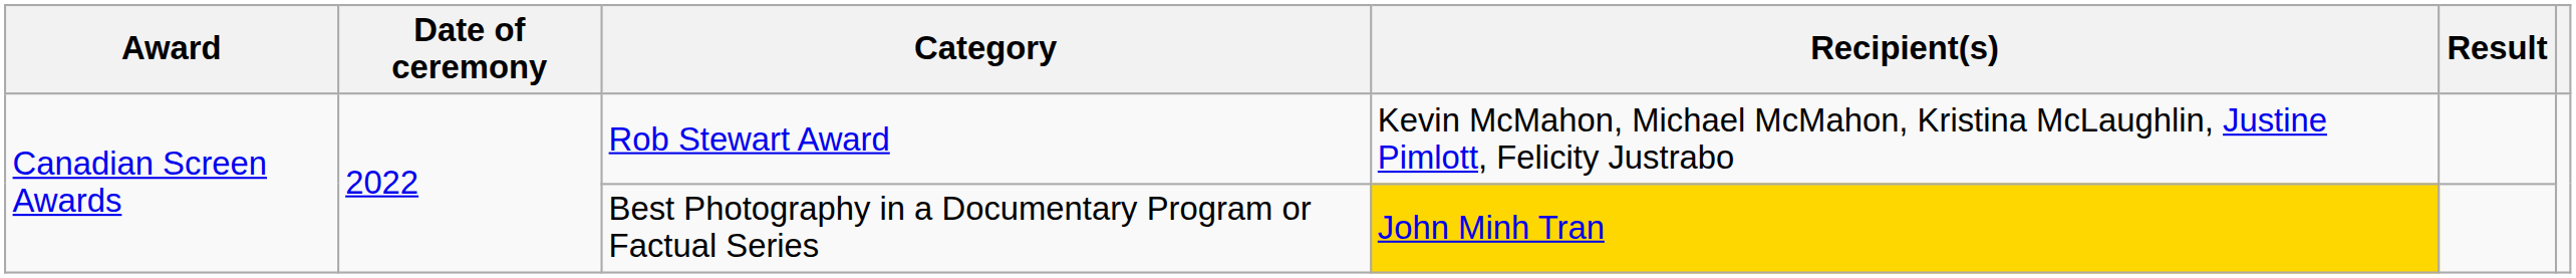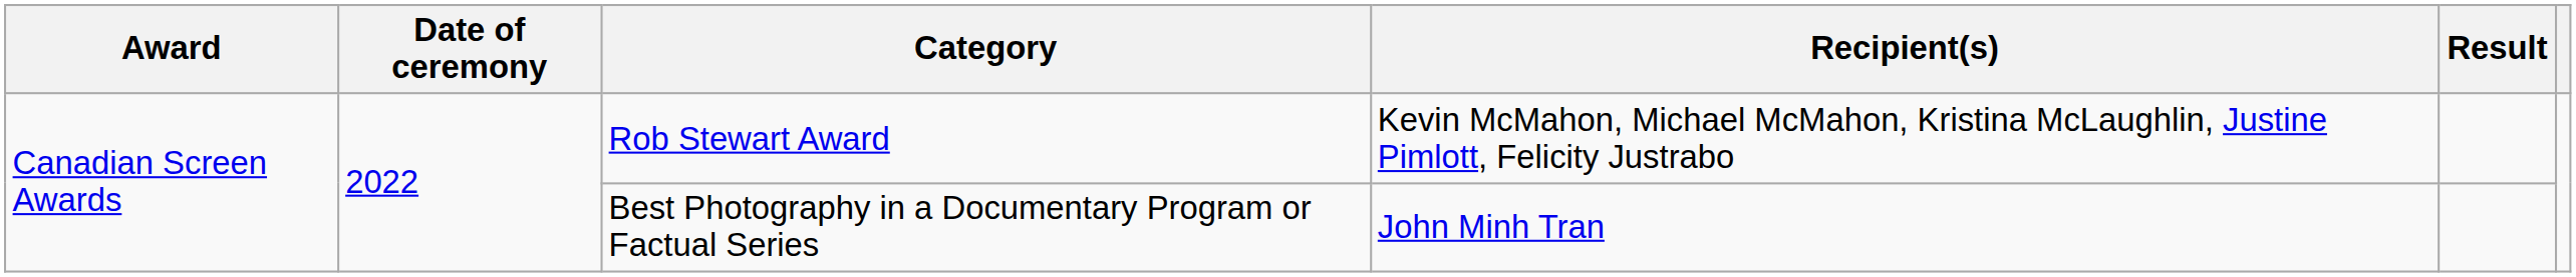 <table class="wikitable plainrowheaders sortable">
 <tr>
 <th scope="col">Award</th>
 <th scope="col">Date of ceremony</th>
 <th scope="col">Category</th>
 <th scope="col">Recipient(s)</th>
 <th scope="col">Result</th>
 <th scope="col" class="unsortable"></th>
 </tr>
 <tr>
 <td rowspan=2><a href='#'>Canadian Screen Awards</a></td>
 <td rowspan=2><a href='#'>2022</a></td>
 <td><a href='#'>Rob Stewart Award</a></td>
 <td>Kevin McMahon, Michael McMahon, Kristina McLaughlin, <a href='#'>Justine Pimlott</a>, Felicity Justrabo</td>
 <td></td>
 <td rowspan=2></td>
 </tr>
 <tr>
 <td>Best Photography in a Documentary Program or Factual Series</td>
-<td style="background: gold;"><a href='#'>John Minh Tran</a></td>
+<td><a href='#'>John Minh Tran</a></td>
 <td></td>
 </tr>
 </table>
